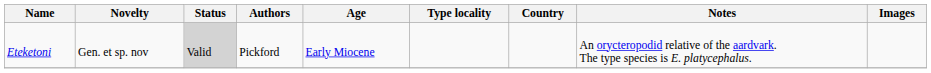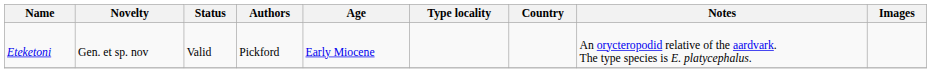 <table class="wikitable sortable" align="center" width="100%">
 <tr>
 <th>Name</th>
 <th>Novelty</th>
 <th>Status</th>
 <th>Authors</th>
 <th>Age</th>
 <th>Type locality</th>
 <th>Country</th>
 <th>Notes</th>
 <th>Images</th>
 </tr>
 <tr>
 <td><br><em><a href='#'>Eteketoni</a></em></td>
 <td><br>Gen. et sp. nov</td>
-<td style="background: lightgrey;"><br>Valid</td>
+<td><br>Valid</td>
 <td><br>Pickford</td>
 <td><br><a href='#'>Early Miocene</a></td>
 <td></td>
 <td><br></td>
 <td><br>An <a href='#'>orycteropodid</a> relative of the <a href='#'>aardvark</a>.<br> The type species is <em>E. platycephalus</em>.</td>
 <td></td>
 </tr>
 <tr>
 </tr>
 </table>
